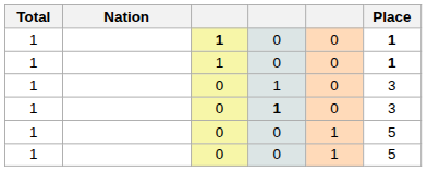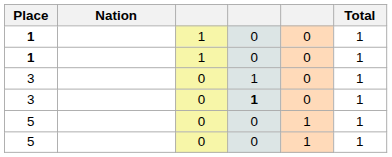 <table class=wikitable style="border:1px solid #AAAAAA;font-size:90%">
 <tr bgcolor="#EFEFEF">
-<th width=50>Total</th>
+<th width=50>Place</th>
 <th width=120>Nation</th>
 <th width=50></th>
 <th width=50></th>
 <th width=50></th>
-<th width=50>Place</th>
+<th width=50>Total</th>
 </tr>
 <tr align="center" valign="top" bgcolor="#FFFFFF">
-<td>1</td>
-<td align="left"><strong></strong></td>
-<td style="background:#F7F6A8;"><strong>1</strong></td>
-<td style="background:#DCE5E5;">0</td>
-<td style="background:#FFDAB9;">0</td>
 <td><strong>1</strong></td>
-</tr>
-<tr align="center" valign="top" bgcolor="#FFFFFF">
-<td>1</td>
 <td align="left"><strong></strong></td>
 <td style="background:#F7F6A8;">1</td>
 <td style="background:#DCE5E5;">0</td>
 <td style="background:#FFDAB9;">0</td>
-<td><strong>1</strong></td>
+<td>1</td>
 </tr>
 <tr align="center" valign="top" bgcolor="#FFFFFF">
+<td><strong>1</strong></td>
+<td align="left"><strong></strong></td>
+<td style="background:#F7F6A8;">1</td>
+<td style="background:#DCE5E5;">0</td>
+<td style="background:#FFDAB9;">0</td>
 <td>1</td>
+</tr>
+<tr align="center" valign="top" bgcolor="#FFFFFF">
+<td>3</td>
 <td align="left"></td>
 <td style="background:#F7F6A8;">0</td>
 <td style="background:#DCE5E5;">1</td>
 <td style="background:#FFDAB9;">0</td>
-<td>3</td>
+<td>1</td>
 </tr>
 <tr align="center" valign="top" bgcolor="#FFFFFF">
-<td>1</td>
+<td>3</td>
 <td align="left"></td>
 <td style="background:#F7F6A8;">0</td>
 <td style="background:#DCE5E5;"><strong>1</strong></td>
 <td style="background:#FFDAB9;">0</td>
-<td>3</td>
+<td>1</td>
 </tr>
 <tr align="center" valign="top" bgcolor="#FFFFFF">
-<td>1</td>
+<td>5</td>
 <td align="left"></td>
 <td style="background:#F7F6A8;">0</td>
 <td style="background:#DCE5E5;">0</td>
 <td style="background:#FFDAB9;">1</td>
-<td>5</td>
+<td>1</td>
 </tr>
 <tr align="center" valign="top" bgcolor="#FFFFFF">
-<td>1</td>
+<td>5</td>
 <td align="left"></td>
 <td style="background:#F7F6A8;">0</td>
 <td style="background:#DCE5E5;">0</td>
 <td style="background:#FFDAB9;">1</td>
-<td>5</td>
+<td>1</td>
 </tr>
 </table>
